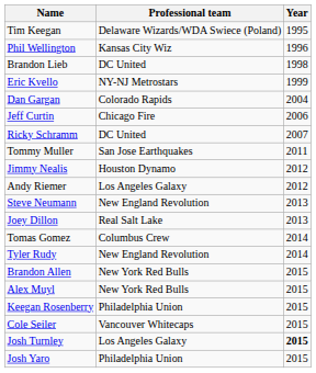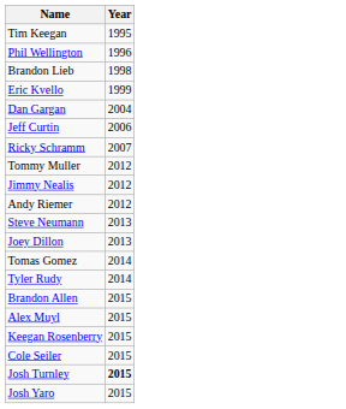 <table class="wikitable">
 <tr>
 <th width=px>Name</th>
-<th width=px>Professional team</th>
 <th width=px>Year</th>
 </tr>
 <tr>
 <td>Tim Keegan</td>
-<td>Delaware Wizards/WDA Swiece (Poland)</td>
 <td>1995</td>
 </tr>
 <tr>
 <td><a href='#'>Phil Wellington</a></td>
-<td>Kansas City Wiz</td>
 <td>1996</td>
 </tr>
 <tr>
 <td>Brandon Lieb</td>
-<td>DC United</td>
 <td>1998</td>
 </tr>
 <tr>
 <td><a href='#'>Eric Kvello</a></td>
-<td>NY-NJ Metrostars</td>
 <td>1999</td>
 </tr>
 <tr>
 <td><a href='#'>Dan Gargan</a></td>
-<td>Colorado Rapids</td>
 <td>2004</td>
 </tr>
 <tr>
 <td><a href='#'>Jeff Curtin</a></td>
-<td>Chicago Fire</td>
 <td>2006</td>
 </tr>
 <tr>
 <td><a href='#'>Ricky Schramm</a></td>
-<td>DC United</td>
 <td>2007</td>
 </tr>
 <tr>
 <td>Tommy Muller</td>
-<td>San Jose Earthquakes</td>
-<td>2011</td>
+<td>2012</td>
 </tr>
 <tr>
 <td><a href='#'>Jimmy Nealis</a></td>
-<td>Houston Dynamo</td>
 <td>2012</td>
 </tr>
 <tr>
 <td>Andy Riemer</td>
-<td>Los Angeles Galaxy</td>
 <td>2012</td>
 </tr>
 <tr>
 <td><a href='#'>Steve Neumann</a></td>
-<td>New England Revolution</td>
 <td>2013</td>
 </tr>
 <tr>
 <td><a href='#'>Joey Dillon</a></td>
-<td>Real Salt Lake</td>
 <td>2013</td>
 </tr>
 <tr>
 <td>Tomas Gomez</td>
-<td>Columbus Crew</td>
 <td>2014</td>
 </tr>
 <tr>
 <td><a href='#'>Tyler Rudy</a></td>
-<td>New England Revolution</td>
 <td>2014</td>
 </tr>
 <tr>
 <td><a href='#'>Brandon Allen</a></td>
-<td>New York Red Bulls</td>
 <td>2015</td>
 </tr>
 <tr>
 <td><a href='#'>Alex Muyl</a></td>
-<td>New York Red Bulls</td>
 <td>2015</td>
 </tr>
 <tr>
 <td><a href='#'>Keegan Rosenberry</a></td>
-<td>Philadelphia Union</td>
 <td>2015</td>
 </tr>
 <tr>
 <td><a href='#'>Cole Seiler</a></td>
-<td>Vancouver Whitecaps</td>
 <td>2015</td>
 </tr>
 <tr>
 <td><a href='#'>Josh Turnley</a></td>
-<td>Los Angeles Galaxy</td>
 <td><strong>2015</strong></td>
 </tr>
 <tr>
 <td><a href='#'>Josh Yaro</a></td>
-<td>Philadelphia Union</td>
 <td>2015</td>
 </tr>
 </table>
